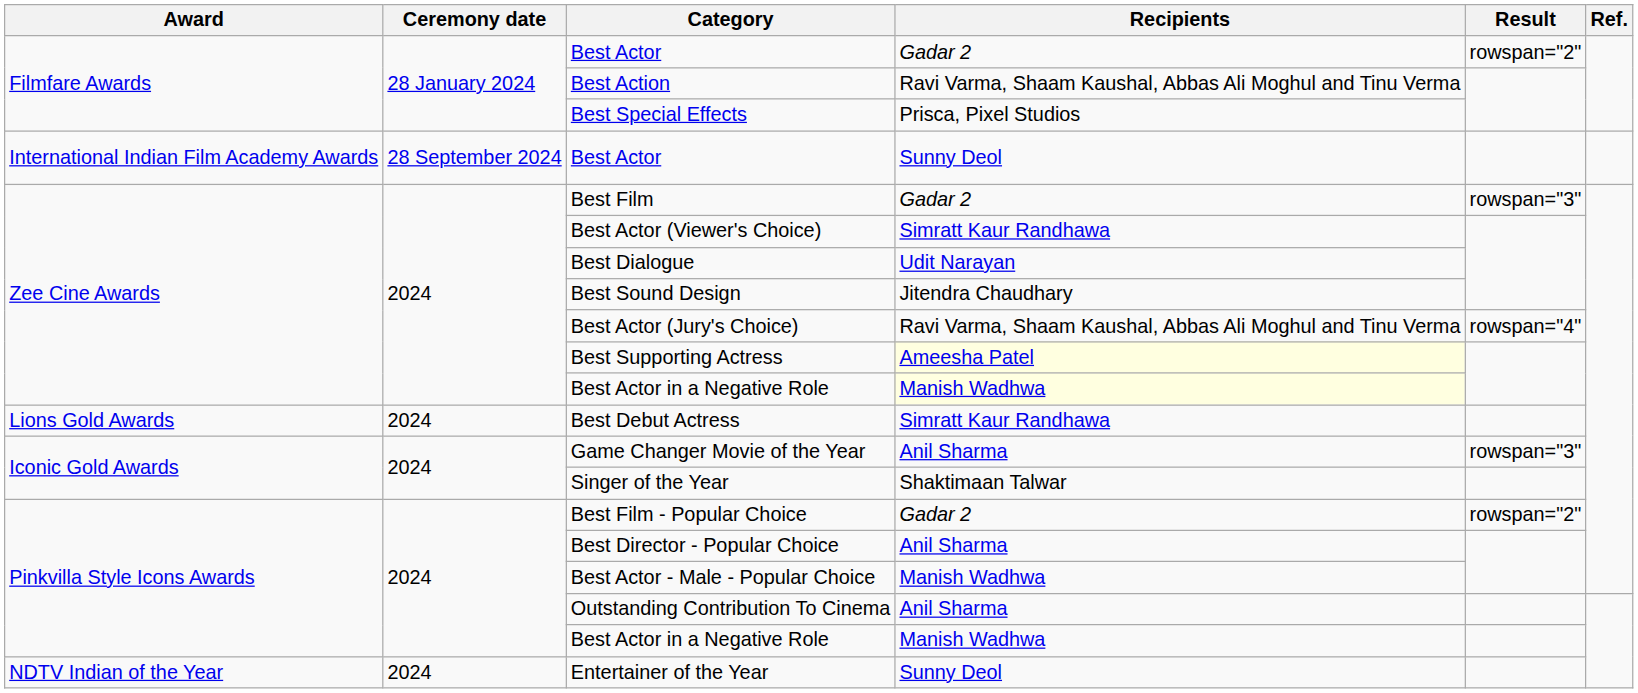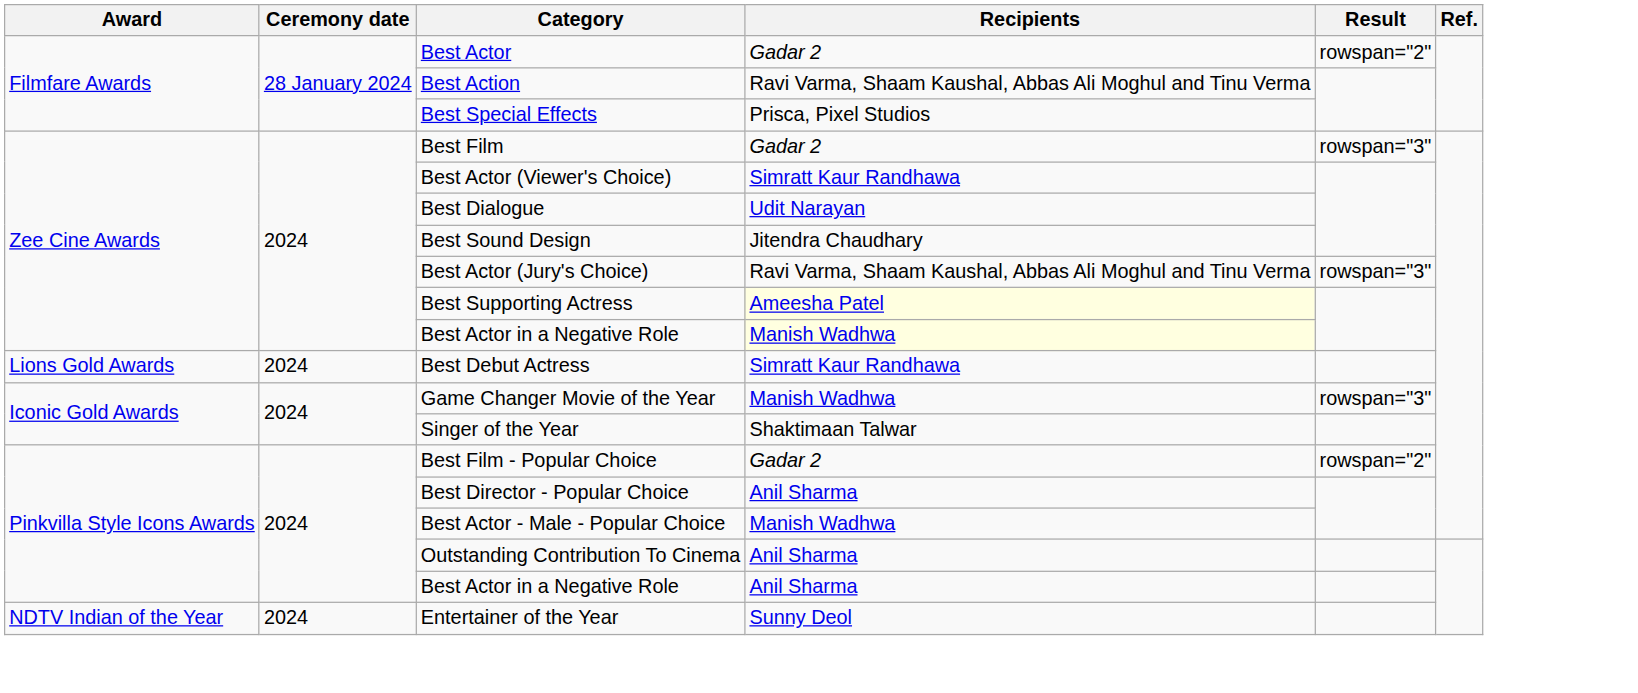 <table class="wikitable">
 <tr>
 <th>Award</th>
 <th>Ceremony date</th>
 <th>Category</th>
 <th>Recipients</th>
 <th>Result</th>
 <th>Ref.</th>
 </tr>
 <tr>
 <td rowspan="3"><a href='#'>Filmfare Awards</a></td>
 <td rowspan="3"><a href='#'>28 January 2024</a></td>
 <td><a href='#'>Best Actor</a></td>
 <td><em>Gadar 2</em></td>
 <td>rowspan="2"</td>
 <td rowspan="3"></td>
 </tr>
 <tr>
 <td><a href='#'>Best Action</a></td>
 <td>Ravi Varma, Shaam Kaushal, Abbas Ali Moghul and Tinu Verma</td>
 </tr>
 <tr>
 <td><a href='#'>Best Special Effects</a></td>
 <td>Prisca, Pixel Studios</td>
 </tr>
 <tr>
-<td><a href='#'>International Indian Film Academy Awards</a></td>
-<td><a href='#'>28 September 2024</a></td>
-<td><a href='#'>Best Actor</a></td>
-<td><a href='#'>Sunny Deol</a></td>
-<td></td>
-<td><br><br></td>
-</tr>
-<tr>
 <td rowspan="7"><a href='#'>Zee Cine Awards</a></td>
 <td rowspan="7">2024</td>
 <td>Best Film</td>
 <td><em>Gadar 2</em></td>
 <td>rowspan="3" </td>
 <td rowspan="13"></td>
 </tr>
 <tr>
 <td>Best Actor (Viewer's Choice)</td>
 <td><a href='#'>Simratt Kaur Randhawa</a></td>
 </tr>
 <tr>
 <td>Best Dialogue</td>
 <td><a href='#'>Udit Narayan</a></td>
 </tr>
 <tr>
 <td>Best Sound Design</td>
 <td>Jitendra Chaudhary</td>
 </tr>
 <tr>
 <td>Best Actor (Jury's Choice)</td>
 <td>Ravi Varma, Shaam Kaushal, Abbas Ali Moghul and Tinu Verma</td>
-<td>rowspan="4" </td>
+<td>rowspan="3" </td>
 </tr>
 <tr>
 <td>Best Supporting Actress</td>
 <td style="background: lightyellow;"><a href='#'>Ameesha Patel</a></td>
 </tr>
 <tr>
 <td>Best Actor in a Negative Role</td>
 <td style="background: lightyellow;"><a href='#'>Manish Wadhwa</a></td>
 </tr>
 <tr>
 <td><a href='#'>Lions Gold Awards</a></td>
 <td>2024</td>
 <td>Best Debut Actress</td>
 <td><a href='#'>Simratt Kaur Randhawa</a></td>
 <td></td>
 </tr>
 <tr>
 <td rowspan="2"><a href='#'>Iconic Gold Awards</a></td>
 <td rowspan="2">2024</td>
 <td>Game Changer Movie of the Year</td>
-<td><a href='#'>Anil Sharma</a></td>
+<td><a href='#'>Manish Wadhwa</a></td>
 <td>rowspan="3"</td>
 </tr>
 <tr>
 <td>Singer of the Year</td>
 <td>Shaktimaan Talwar</td>
 </tr>
 <tr>
 <td rowspan="5"><a href='#'>Pinkvilla Style Icons Awards</a></td>
 <td rowspan="5">2024</td>
 <td>Best Film - Popular Choice</td>
 <td><em>Gadar 2</em></td>
 <td>rowspan="2"</td>
 </tr>
 <tr>
 <td>Best Director - Popular Choice</td>
 <td><a href='#'>Anil Sharma</a></td>
 </tr>
 <tr>
 <td>Best Actor - Male - Popular Choice</td>
 <td><a href='#'>Manish Wadhwa</a></td>
 </tr>
 <tr>
 <td>Outstanding Contribution To Cinema</td>
 <td><a href='#'>Anil Sharma</a></td>
 <td></td>
 </tr>
 <tr>
 <td>Best Actor in a Negative Role</td>
-<td><a href='#'>Manish Wadhwa</a></td>
+<td><a href='#'>Anil Sharma</a></td>
 <td></td>
 </tr>
 <tr>
 <td><a href='#'>NDTV Indian of the Year</a></td>
 <td>2024</td>
 <td>Entertainer of the Year</td>
 <td><a href='#'>Sunny Deol</a></td>
 <td></td>
 </tr>
 </table>
